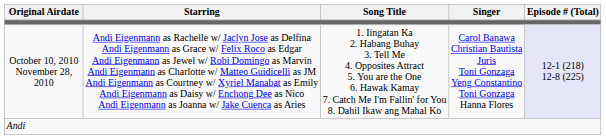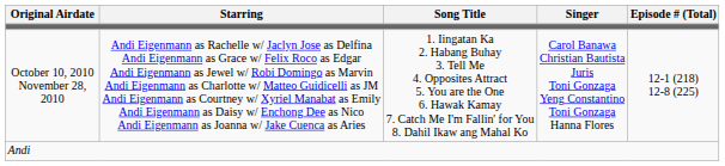 <table class="wikitable">
 <tr>
 <th width=120px>Original Airdate</th>
 <th>Starring</th>
 <th>Song Title</th>
 <th>Singer</th>
 <th>Episode # (Total)</th>
 </tr>
 <tr bgcolor="#666">
 <td colspan="6"></td>
 </tr>
 <tr>
 <td align="center">October 10, 2010<br>November 28, 2010</td>
 <td align="center"><a href='#'>Andi Eigenmann</a> as Rachelle w/ <a href='#'>Jaclyn Jose</a> as Delfina <br> <a href='#'>Andi Eigenmann</a> as Grace w/ <a href='#'>Felix Roco</a> as Edgar <br> <a href='#'>Andi Eigenmann</a> as Jewel w/ <a href='#'>Robi Domingo</a> as Marvin <br> <a href='#'>Andi Eigenmann</a> as Charlotte w/ <a href='#'>Matteo Guidicelli</a> as JM <br> <a href='#'>Andi Eigenmann</a> as Courtney w/ <a href='#'>Xyriel Manabat</a> as Emily <br> <a href='#'>Andi Eigenmann</a> as Daisy w/ <a href='#'>Enchong Dee</a> as Nico <br> <a href='#'>Andi Eigenmann</a> as Joanna w/ <a href='#'>Jake Cuenca</a> as Aries</td>
 <td align="center">1. Iingatan Ka<br>2. Habang Buhay<br>3. Tell Me<br>4. Opposites Attract<br>5. You are the One<br>6. Hawak Kamay <br>7. Catch Me I'm Fallin' for You<br>8. Dahil Ikaw ang Mahal Ko<br></td>
 <td align="center"><a href='#'>Carol Banawa</a><br><a href='#'>Christian Bautista</a><br><a href='#'>Juris</a><br><a href='#'>Toni Gonzaga</a><br><a href='#'>Yeng Constantino</a><br><a href='#'>Toni Gonzaga</a><br>Hanna Flores<br></td>
-<td align="center" style="background: lavender;">12-1 (218)<br>12-8 (225)</td>
+<td align="center">12-1 (218)<br>12-8 (225)</td>
 </tr>
 <tr>
 <td colspan="5"><em>Andi</em></td>
 </tr>
 </table>
